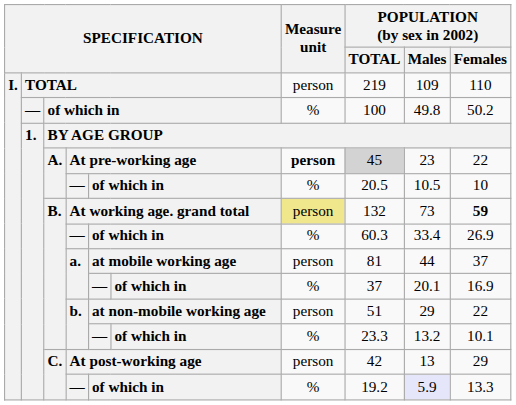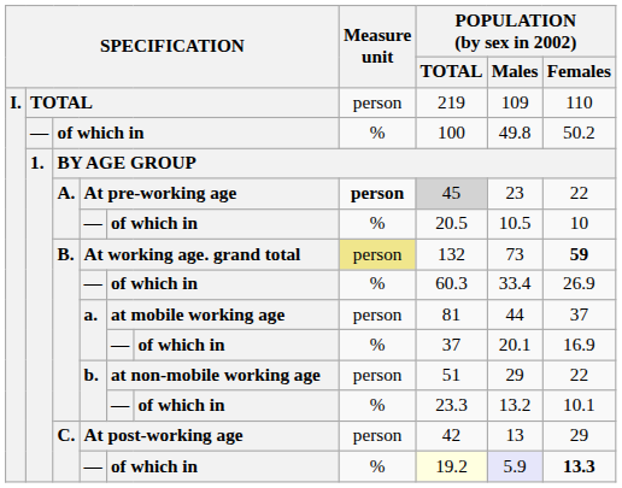 <table class="wikitable" style="font-size:85%; text-align:center">
 <tr>
 <th rowspan="2" colspan="6">SPECIFICATION</th>
 <th rowspan="2">Measure<br> unit</th>
 <th colspan="3" rowspan="1">POPULATION<br> (by sex in 2002)</th>
 </tr>
 <tr>
 <th>TOTAL</th>
 <th>Males</th>
 <th>Females</th>
 </tr>
 <tr>
 <th style="text-align:left" valign="top" rowspan="13">I.</th>
 <th style="text-align:left" colspan="5">TOTAL</th>
 <td>person</td>
 <td>219</td>
 <td>109</td>
 <td>110</td>
 </tr>
 <tr>
 <th style="text-align:left" valign="top">—</th>
 <th style="text-align:left" colspan="4">of which in</th>
 <td>%</td>
 <td>100</td>
 <td>49.8</td>
 <td>50.2</td>
 </tr>
 <tr>
 <th style="text-align:left" valign="top" rowspan="11">1.</th>
 <th style="text-align:left" colspan="19">BY AGE GROUP</th>
 </tr>
 <tr>
 <th style="text-align:left" valign="top" rowspan="2">A.</th>
 <th style="text-align:left" colspan="3">At pre-working age</th>
 <td><strong>person</strong></td>
 <td style="background: lightgrey;">45</td>
 <td>23</td>
 <td>22</td>
 </tr>
 <tr>
 <th style="text-align:left" valign="top">—</th>
 <th style="text-align:left" valign="top" colspan="2">of which in</th>
 <td>%</td>
 <td>20.5</td>
 <td>10.5</td>
 <td>10</td>
 </tr>
 <tr>
 <th style="text-align:left" valign="top" rowspan="6">B.</th>
 <th style="text-align:left" colspan="3">At working age. grand total</th>
 <td style="background: khaki;">person</td>
 <td>132</td>
 <td>73</td>
 <td><strong>59</strong></td>
 </tr>
 <tr>
 <th style="text-align:left" valign="top">—</th>
 <th style="text-align:left" valign="top" colspan="2">of which in</th>
 <td>%</td>
 <td>60.3</td>
 <td>33.4</td>
 <td>26.9</td>
 </tr>
 <tr>
 <th style="text-align:left" valign="top" rowspan="2">a.</th>
 <th style="text-align:left" colspan="2">at mobile working age</th>
 <td>person</td>
 <td>81</td>
 <td>44</td>
 <td>37</td>
 </tr>
 <tr>
 <th style="text-align:left" valign="top">—</th>
 <th style="text-align:left" valign="top" colspan="1">of which in                        </th>
 <td>%</td>
 <td>37</td>
 <td>20.1</td>
 <td>16.9</td>
 </tr>
 <tr>
 <th style="text-align:left" valign="top" rowspan="2">b.</th>
 <th style="text-align:left" colspan="2">at non-mobile working age</th>
 <td>person</td>
 <td>51</td>
 <td>29</td>
 <td>22</td>
 </tr>
 <tr>
 <th style="text-align:left" valign="top">—</th>
 <th style="text-align:left" valign="top" colspan="1">of which in                        </th>
 <td>%</td>
 <td>23.3</td>
 <td>13.2</td>
 <td>10.1</td>
 </tr>
 <tr>
 <th style="text-align:left" valign="top" rowspan="2">C.</th>
 <th style="text-align:left" colspan="3">At post-working age</th>
 <td>person</td>
 <td>42</td>
 <td>13</td>
 <td>29</td>
 </tr>
 <tr>
 <th style="text-align:left" valign="top">—</th>
 <th style="text-align:left" valign="top" colspan="2">of which in</th>
 <td>%</td>
-<td>19.2</td>
+<td style="background: lightyellow;">19.2</td>
 <td style="background: lavender;">5.9</td>
-<td>13.3</td>
+<td><strong>13.3</strong></td>
 </tr>
 </table>
